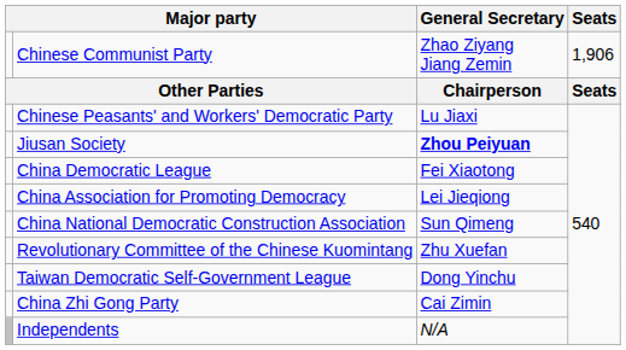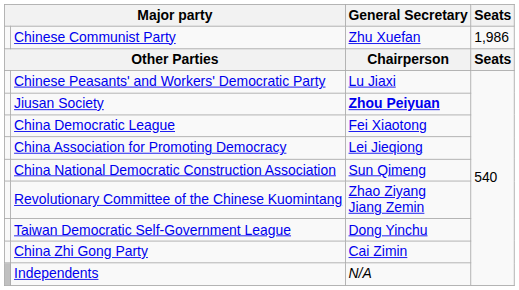 <table class="wikitable">
 <tr>
 <th colspan="2">Major party</th>
 <th>General Secretary</th>
 <th>Seats</th>
 </tr>
 <tr>
 <td style="background: "></td>
 <td><a href='#'>Chinese Communist Party</a></td>
-<td><a href='#'>Zhao Ziyang</a><br><a href='#'>Jiang Zemin</a></td>
-<td>1,906</td>
+<td><a href='#'>Zhu Xuefan</a></td>
+<td>1,986</td>
 </tr>
 <tr>
 <th colspan="2">Other Parties</th>
 <th>Chairperson</th>
 <th>Seats</th>
 </tr>
 <tr>
 <td style="background: "></td>
 <td><a href='#'>Chinese Peasants' and Workers' Democratic Party</a></td>
 <td><a href='#'>Lu Jiaxi</a></td>
 <td rowspan="9">540</td>
 </tr>
 <tr>
 <td style="background: "></td>
 <td><a href='#'>Jiusan Society</a></td>
 <td><strong><a href='#'>Zhou Peiyuan</a></strong></td>
 </tr>
 <tr>
 <td style="background: "></td>
 <td><a href='#'>China Democratic League</a></td>
 <td><a href='#'>Fei Xiaotong</a></td>
 </tr>
 <tr>
 <td style="background: "></td>
 <td><a href='#'>China Association for Promoting Democracy</a></td>
 <td><a href='#'>Lei Jieqiong</a></td>
 </tr>
 <tr>
 <td style="background: "></td>
 <td><a href='#'>China National Democratic Construction Association</a></td>
 <td><a href='#'>Sun Qimeng</a></td>
 </tr>
 <tr>
 <td style="background: "></td>
 <td><a href='#'>Revolutionary Committee of the Chinese Kuomintang</a></td>
-<td><a href='#'>Zhu Xuefan</a></td>
+<td><a href='#'>Zhao Ziyang</a><br><a href='#'>Jiang Zemin</a></td>
 </tr>
 <tr>
 <td style="background: "></td>
 <td><a href='#'>Taiwan Democratic Self-Government League</a></td>
 <td><a href='#'>Dong Yinchu</a></td>
 </tr>
 <tr>
 <td style="background: "></td>
 <td><a href='#'>China Zhi Gong Party</a></td>
 <td><a href='#'>Cai Zimin</a></td>
 </tr>
 <tr>
 <td style="background: #C0C0C0"></td>
 <td><a href='#'>Independents</a></td>
 <td><em>N/A</em></td>
 </tr>
 </table>
